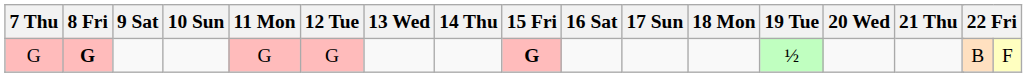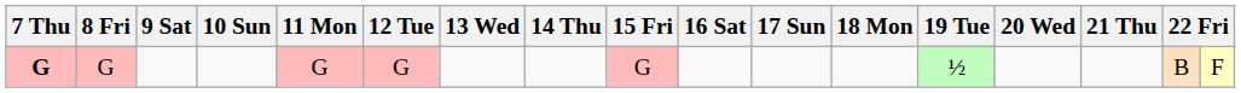 <table class="wikitable" style="margin:0.5em auto; font-size:90%; line-height:1.25em; text-align:center">
 <tr>
 <th>7 Thu</th>
 <th>8 Fri</th>
 <th>9 Sat</th>
 <th>10 Sun</th>
 <th>11 Mon</th>
 <th>12 Tue</th>
 <th>13 Wed</th>
 <th>14 Thu</th>
 <th>15 Fri</th>
 <th>16 Sat</th>
 <th>17 Sun</th>
 <th>18 Mon</th>
 <th>19 Tue</th>
 <th>20 Wed</th>
 <th colspan=2>21 Thu</th>
 <th colspan=2>22 Fri</th>
 </tr>
 <tr>
+<td bgcolor="#FFBBBB"><strong>G</strong></td>
 <td bgcolor="#FFBBBB">G</td>
-<td bgcolor="#FFBBBB"><strong>G</strong></td>
 <td></td>
 <td></td>
 <td bgcolor="#FFBBBB">G</td>
 <td bgcolor="#FFBBBB">G</td>
 <td></td>
 <td></td>
-<td bgcolor="#FFBBBB"><strong>G</strong></td>
+<td bgcolor="#FFBBBB">G</td>
 <td></td>
 <td></td>
 <td></td>
 <td bgcolor="#C0FFC0">½</td>
 <td></td>
 <td colspan=2></td>
 <td bgcolor="#FFE0C0">B</td>
 <td bgcolor="#FFFFC0">F</td>
 </tr>
 </table>
